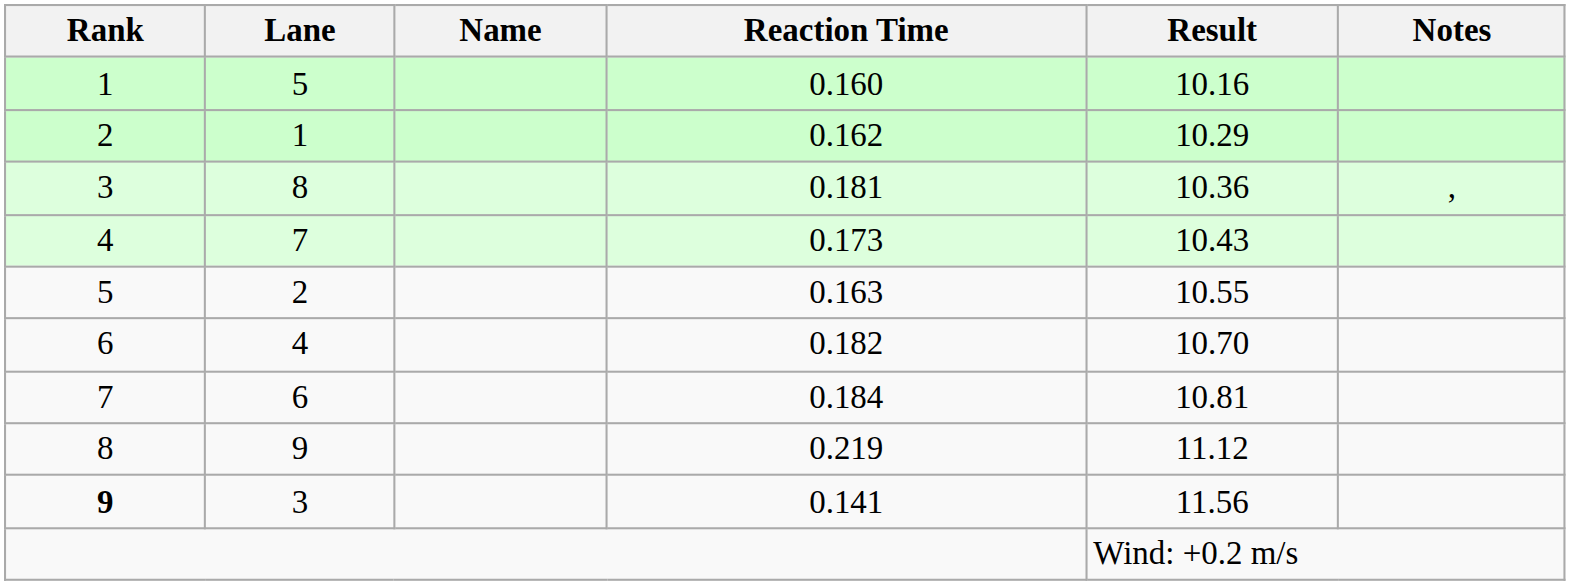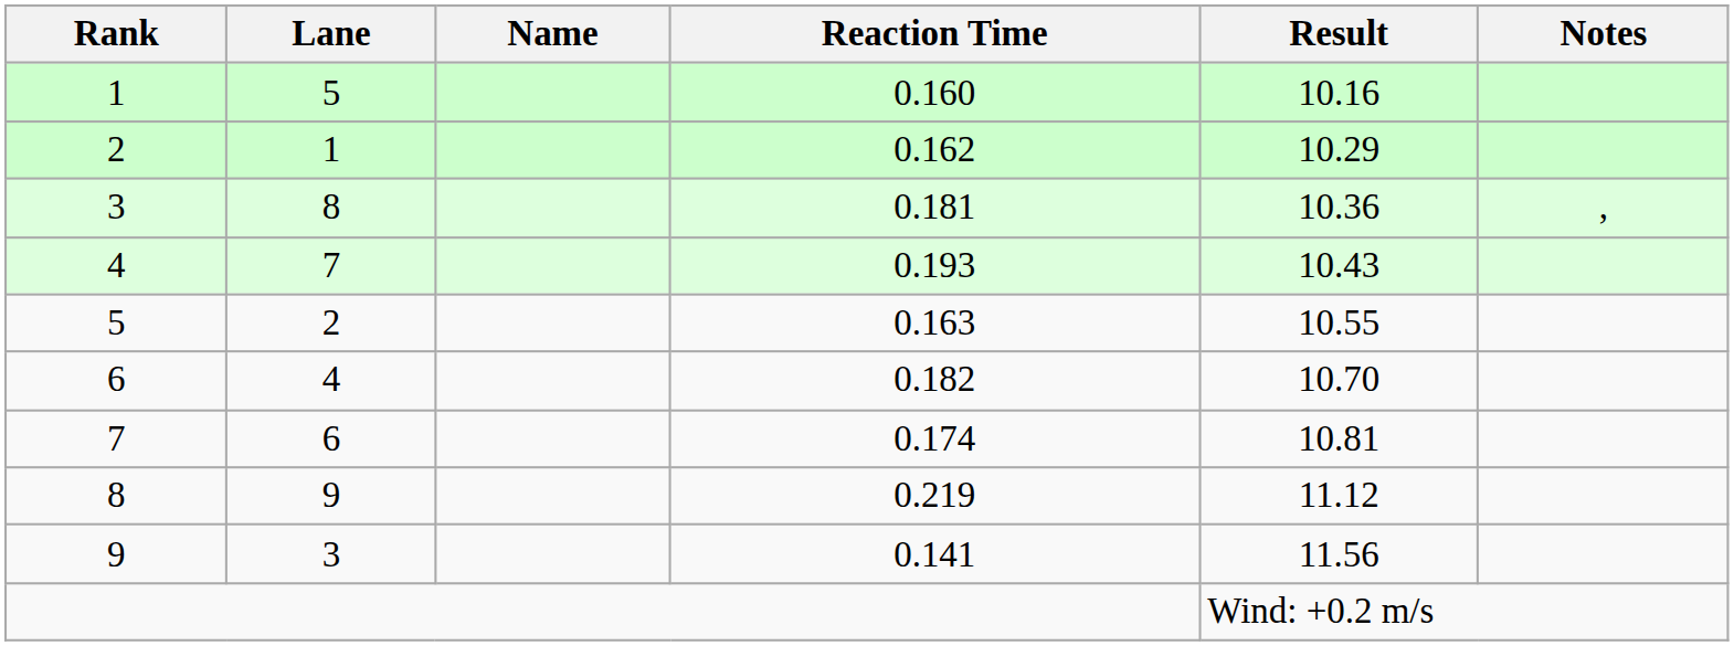 <table class="wikitable" style="text-align:center;width: 60%">
 <tr>
 <th>Rank</th>
 <th>Lane</th>
 <th>Name</th>
 <th>Reaction Time</th>
 <th>Result</th>
 <th>Notes</th>
 </tr>
 <tr bgcolor=ccffcc>
 <td>1</td>
 <td>5</td>
 <td align="left"></td>
 <td>0.160</td>
 <td>10.16</td>
 <td></td>
 </tr>
 <tr bgcolor=ccffcc>
 <td>2</td>
 <td>1</td>
 <td align="left"></td>
 <td>0.162</td>
 <td>10.29</td>
 <td></td>
 </tr>
 <tr bgcolor=ddffdd>
 <td>3</td>
 <td>8</td>
 <td align="left"></td>
 <td>0.181</td>
 <td>10.36</td>
 <td>, </td>
 </tr>
 <tr bgcolor=ddffdd>
 <td>4</td>
 <td>7</td>
 <td align="left"></td>
-<td>0.173</td>
+<td>0.193</td>
 <td>10.43</td>
 <td></td>
 </tr>
 <tr>
 <td>5</td>
 <td>2</td>
 <td align="left"></td>
 <td>0.163</td>
 <td>10.55</td>
 <td></td>
 </tr>
 <tr>
 <td>6</td>
 <td>4</td>
 <td align="left"></td>
 <td>0.182</td>
 <td>10.70</td>
 <td></td>
 </tr>
 <tr>
 <td>7</td>
 <td>6</td>
 <td align="left"></td>
-<td>0.184</td>
+<td>0.174</td>
 <td>10.81</td>
 <td></td>
 </tr>
 <tr>
 <td>8</td>
 <td>9</td>
 <td align="left"></td>
 <td>0.219</td>
 <td>11.12</td>
 <td></td>
 </tr>
 <tr>
-<td><strong>9</strong></td>
+<td>9</td>
 <td>3</td>
 <td align="left"></td>
 <td>0.141</td>
 <td>11.56</td>
 <td></td>
 </tr>
 <tr class="sortbottom">
 <td colspan=4></td>
 <td colspan="2" style="text-align:left;">Wind: +0.2 m/s</td>
 </tr>
 </table>
